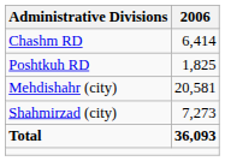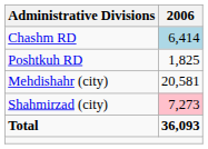 <table class="wikitable">
 <tr>
 <th>Administrative Divisions</th>
 <th>2006</th>
 </tr>
 <tr>
 <td><a href='#'>Chashm RD</a></td>
-<td style="text-align: right;">6,414</td>
+<td style="background: lightblue; text-align: right;">6,414</td>
 </tr>
 <tr>
 <td><a href='#'>Poshtkuh RD</a></td>
 <td style="text-align: right;">1,825</td>
 </tr>
 <tr>
 <td><a href='#'>Mehdishahr</a> (city)</td>
 <td style="text-align: right;">20,581</td>
 </tr>
 <tr>
 <td><a href='#'>Shahmirzad</a> (city)</td>
-<td style="text-align: right;">7,273</td>
+<td style="background: pink; text-align: right;">7,273</td>
 </tr>
 <tr>
 <td><strong>Total</strong></td>
 <td style="text-align: right;"><strong>36,093</strong></td>
 </tr>
 <tr>
 <td colspan=4></td>
 </tr>
 </table>
